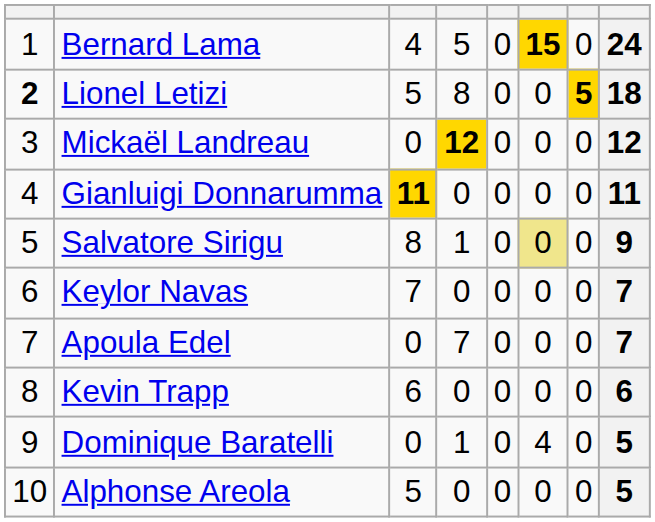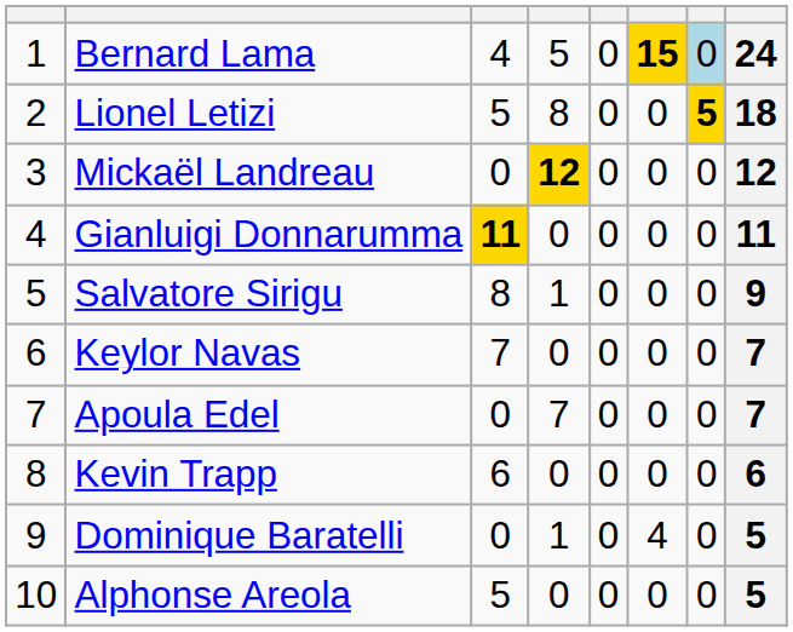 <table class="wikitable plainrowheaders sortable" style="text-align:center">
 <tr>
 <th></th>
 <th></th>
 <th></th>
 <th></th>
 <th></th>
 <th></th>
 <th></th>
 <th></th>
 </tr>
 <tr>
 <td>1</td>
 <td align="left"> <a href='#'>Bernard Lama</a></td>
 <td>4</td>
 <td>5</td>
 <td>0</td>
 <td style=background:gold><strong>15</strong></td>
-<td>0</td>
+<td style="background: lightblue;">0</td>
 <th>24</th>
 </tr>
 <tr>
-<td><strong>2</strong></td>
+<td>2</td>
 <td align="left"> <a href='#'>Lionel Letizi</a></td>
 <td>5</td>
 <td>8</td>
 <td>0</td>
 <td>0</td>
 <td style=background:gold><strong>5</strong></td>
 <th>18</th>
 </tr>
 <tr>
 <td>3</td>
 <td align="left"> <a href='#'>Mickaël Landreau</a></td>
 <td>0</td>
 <td style=background:gold><strong>12</strong></td>
 <td>0</td>
 <td>0</td>
 <td>0</td>
 <th>12</th>
 </tr>
 <tr>
 <td>4</td>
 <td align="left"> <a href='#'>Gianluigi Donnarumma</a></td>
 <td style=background:gold><strong>11</strong></td>
 <td>0</td>
 <td>0</td>
 <td>0</td>
 <td>0</td>
 <th>11</th>
 </tr>
 <tr>
 <td>5</td>
 <td align="left"> <a href='#'>Salvatore Sirigu</a></td>
 <td>8</td>
 <td>1</td>
 <td>0</td>
-<td style="background: khaki;">0</td>
+<td>0</td>
 <td>0</td>
 <th>9</th>
 </tr>
 <tr>
 <td>6</td>
 <td align="left"> <a href='#'>Keylor Navas</a></td>
 <td>7</td>
 <td>0</td>
 <td>0</td>
 <td>0</td>
 <td>0</td>
 <th>7</th>
 </tr>
 <tr>
 <td>7</td>
 <td align="left"> <a href='#'>Apoula Edel</a></td>
 <td>0</td>
 <td>7</td>
 <td>0</td>
 <td>0</td>
 <td>0</td>
 <th>7</th>
 </tr>
 <tr>
 <td>8</td>
 <td align="left"> <a href='#'>Kevin Trapp</a></td>
 <td>6</td>
 <td>0</td>
 <td>0</td>
 <td>0</td>
 <td>0</td>
 <th>6</th>
 </tr>
 <tr>
 <td>9</td>
 <td align="left"> <a href='#'>Dominique Baratelli</a></td>
 <td>0</td>
 <td>1</td>
 <td>0</td>
 <td>4</td>
 <td>0</td>
 <th>5</th>
 </tr>
 <tr>
 <td>10</td>
 <td align="left"> <a href='#'>Alphonse Areola</a></td>
 <td>5</td>
 <td>0</td>
 <td>0</td>
 <td>0</td>
 <td>0</td>
 <th>5</th>
 </tr>
 </table>
